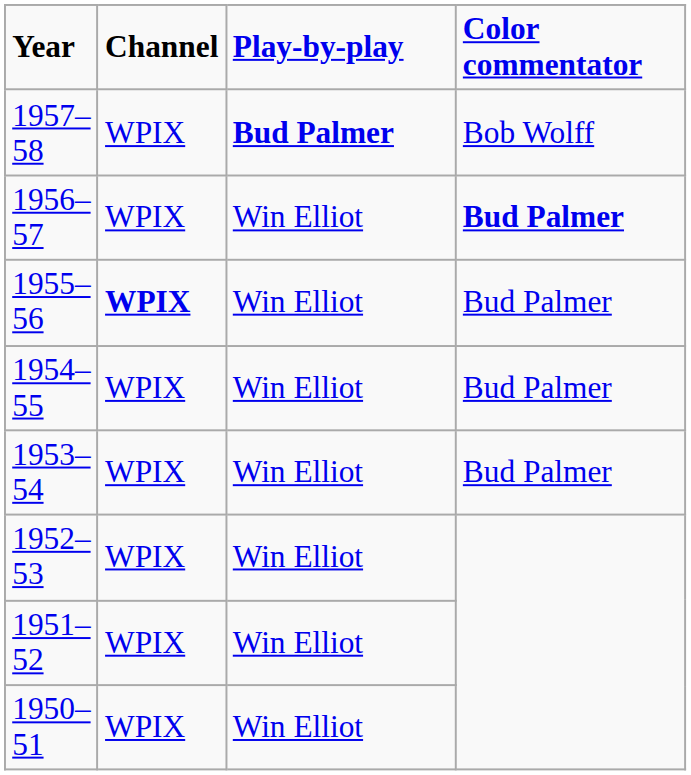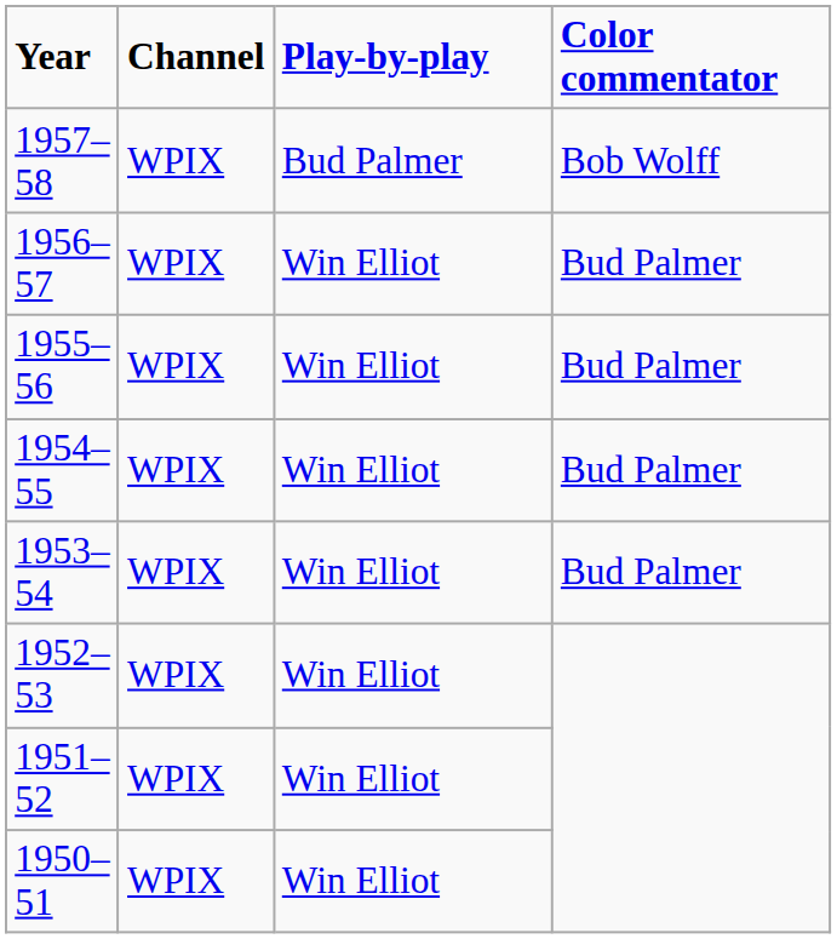 <table class="wikitable">
 <tr>
 <td width="40"><strong>Year</strong></td>
 <td width="40"><strong>Channel</strong></td>
 <td width="110"><strong><a href='#'>Play-by-play</a></strong></td>
 <td width="110"><strong><a href='#'>Color commentator</a></strong></td>
 </tr>
 <tr>
 <td><a href='#'>1957–58</a></td>
 <td><a href='#'>WPIX</a></td>
-<td><strong><a href='#'>Bud Palmer</a></strong></td>
+<td><a href='#'>Bud Palmer</a></td>
 <td><a href='#'>Bob Wolff</a></td>
 </tr>
 <tr>
 <td><a href='#'>1956–57</a></td>
 <td><a href='#'>WPIX</a></td>
 <td><a href='#'>Win Elliot</a></td>
-<td><strong><a href='#'>Bud Palmer</a></strong></td>
+<td><a href='#'>Bud Palmer</a></td>
 </tr>
 <tr>
 <td><a href='#'>1955–56</a></td>
-<td><strong><a href='#'>WPIX</a></strong></td>
+<td><a href='#'>WPIX</a></td>
 <td><a href='#'>Win Elliot</a></td>
 <td><a href='#'>Bud Palmer</a></td>
 </tr>
 <tr>
 <td><a href='#'>1954–55</a></td>
 <td><a href='#'>WPIX</a></td>
 <td><a href='#'>Win Elliot</a></td>
 <td><a href='#'>Bud Palmer</a></td>
 </tr>
 <tr>
 <td><a href='#'>1953–54</a></td>
 <td><a href='#'>WPIX</a></td>
 <td><a href='#'>Win Elliot</a></td>
 <td><a href='#'>Bud Palmer</a></td>
 </tr>
 <tr>
 <td><a href='#'>1952–53</a></td>
 <td><a href='#'>WPIX</a></td>
 <td><a href='#'>Win Elliot</a></td>
 </tr>
 <tr>
 <td><a href='#'>1951–52</a></td>
 <td><a href='#'>WPIX</a></td>
 <td><a href='#'>Win Elliot</a></td>
 </tr>
 <tr>
 <td><a href='#'>1950–51</a></td>
 <td><a href='#'>WPIX</a></td>
 <td><a href='#'>Win Elliot</a></td>
 </tr>
 </table>
